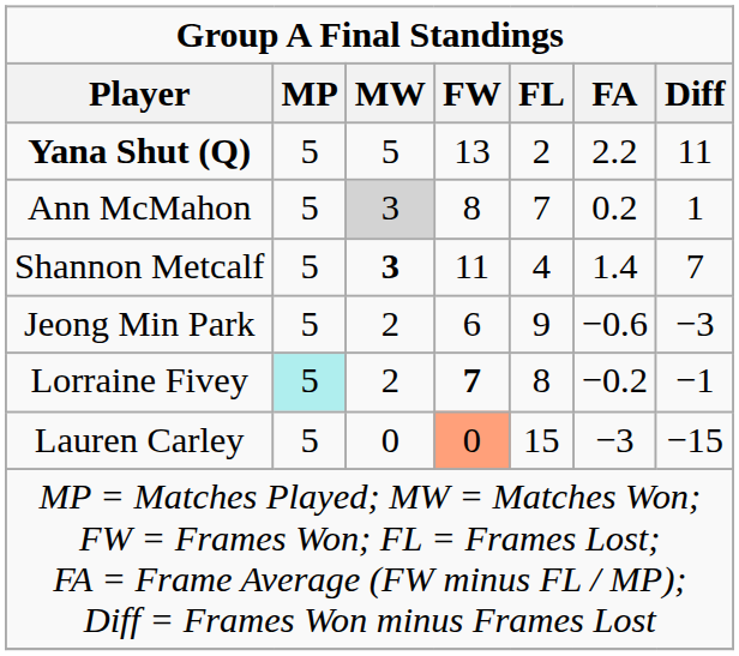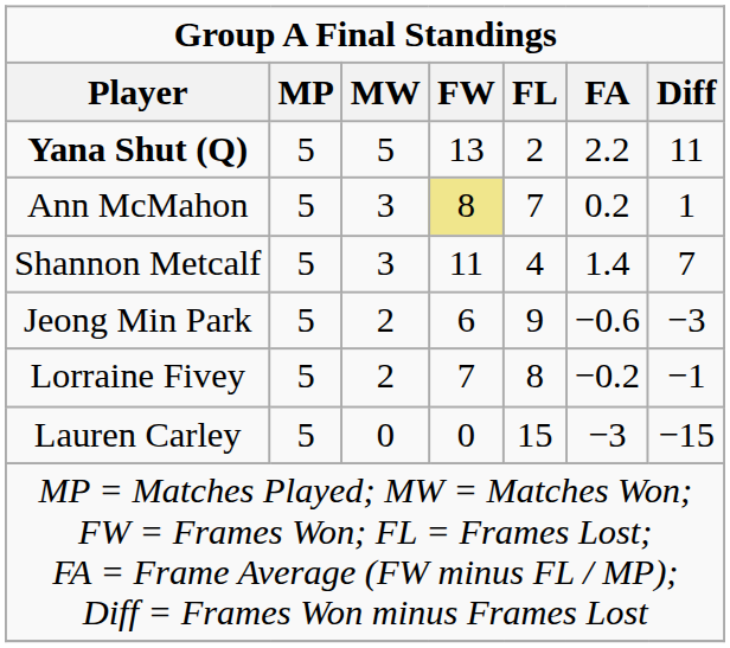 <table class="wikitable" style="text-align: center; display: inline-table;">
 <tr>
 <td colspan="7"><strong>Group A Final Standings</strong></td>
 </tr>
 <tr>
 <th>Player</th>
 <th>MP</th>
 <th>MW</th>
 <th>FW</th>
 <th>FL</th>
 <th>FA</th>
 <th>Diff</th>
 </tr>
 <tr>
 <td> <strong>Yana Shut (Q)</strong></td>
 <td>5</td>
 <td>5</td>
 <td>13</td>
 <td>2</td>
 <td>2.2</td>
 <td>11</td>
 </tr>
 <tr>
 <td> Ann McMahon</td>
 <td>5</td>
-<td style="background: lightgrey;">3</td>
-<td>8</td>
+<td>3</td>
+<td style="background: khaki;">8</td>
 <td>7</td>
 <td>0.2</td>
 <td>1</td>
 </tr>
 <tr>
 <td> Shannon Metcalf</td>
 <td>5</td>
-<td><strong>3</strong></td>
+<td>3</td>
 <td>11</td>
 <td>4</td>
 <td>1.4</td>
 <td>7</td>
 </tr>
 <tr>
 <td> Jeong Min Park</td>
 <td>5</td>
 <td>2</td>
 <td>6</td>
 <td>9</td>
 <td>−0.6</td>
 <td>−3</td>
 </tr>
 <tr>
 <td> Lorraine Fivey</td>
-<td style="background: paleturquoise;">5</td>
+<td>5</td>
 <td>2</td>
-<td><strong>7</strong></td>
+<td>7</td>
 <td>8</td>
 <td>−0.2</td>
 <td>−1</td>
 </tr>
 <tr>
 <td> Lauren Carley</td>
 <td>5</td>
 <td>0</td>
-<td style="background: lightsalmon;">0</td>
+<td>0</td>
 <td>15</td>
 <td>−3</td>
 <td>−15</td>
 </tr>
 <tr>
 <td colspan="7"><em>MP = Matches Played; MW = Matches Won; <br>FW = Frames Won; FL = Frames Lost; <br>FA = Frame Average (FW minus FL / MP); <br>Diff = Frames Won minus Frames Lost</em></td>
 </tr>
 <tr>
 </tr>
 </table>
